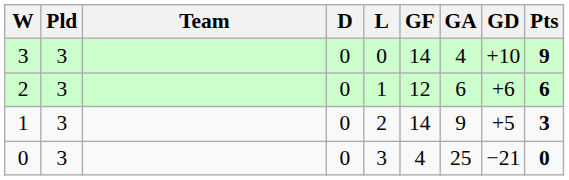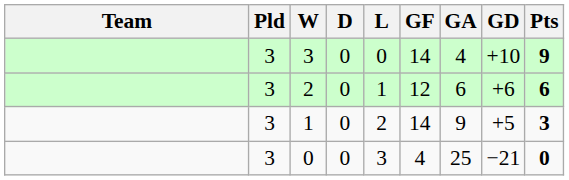 <table class="wikitable" style="text-align:center">
 <tr>
+<th width=175>Team</th>
+<th width=20>Pld</th>
 <th width=20>W</th>
-<th width=20>Pld</th>
-<th width=175>Team</th>
 <th width=20>D</th>
 <th width=20>L</th>
 <th width=20>GF</th>
 <th width=20>GA</th>
 <th width=20>GD</th>
 <th width=20>Pts</th>
 </tr>
 <tr bgcolor=ccffcc>
+<td align=left></td>
 <td>3</td>
 <td>3</td>
-<td align=left></td>
 <td>0</td>
 <td>0</td>
 <td>14</td>
 <td>4</td>
 <td>+10</td>
 <td><strong>9</strong></td>
 </tr>
 <tr bgcolor=ccffcc>
+<td align=left></td>
+<td>3</td>
 <td>2</td>
-<td>3</td>
-<td align=left></td>
 <td>0</td>
 <td>1</td>
 <td>12</td>
 <td>6</td>
 <td>+6</td>
 <td><strong>6</strong></td>
 </tr>
 <tr>
+<td align=left></td>
+<td>3</td>
 <td>1</td>
-<td>3</td>
-<td align=left></td>
 <td>0</td>
 <td>2</td>
 <td>14</td>
 <td>9</td>
 <td>+5</td>
 <td><strong>3</strong></td>
 </tr>
 <tr>
+<td align=left></td>
+<td>3</td>
 <td>0</td>
-<td>3</td>
-<td align=left></td>
 <td>0</td>
 <td>3</td>
 <td>4</td>
 <td>25</td>
 <td>−21</td>
 <td><strong>0</strong></td>
 </tr>
 </table>
